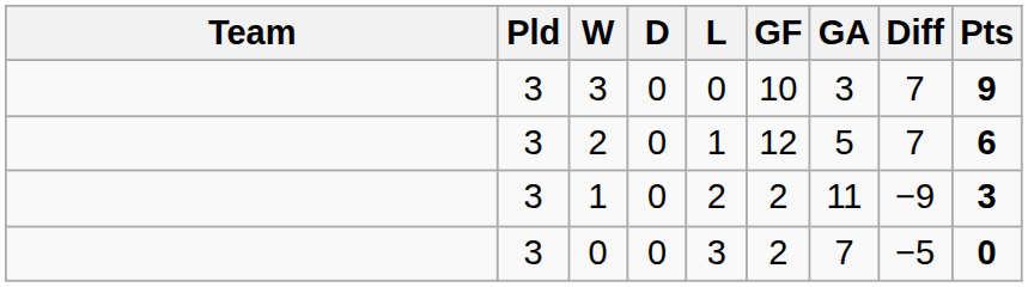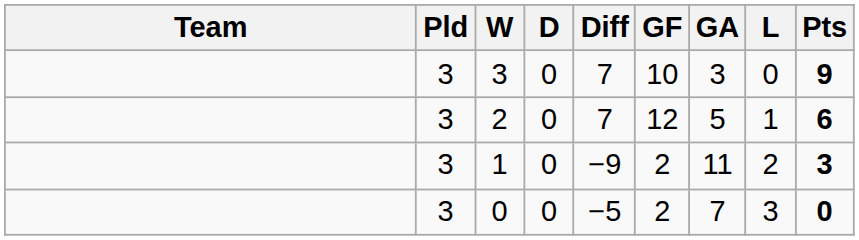 <table class="wikitable" style="text-align: center;">
 <tr>
 <th width=220>Team</th>
 <th width=20>Pld</th>
 <th width=20>W</th>
 <th width=20>D</th>
-<th width=20>L</th>
+<th width=20>Diff</th>
 <th width=20>GF</th>
 <th width=20>GA</th>
-<th width=20>Diff</th>
+<th width=20>L</th>
 <th width=20>Pts</th>
 </tr>
 <tr>
 <td align="left"></td>
 <td>3</td>
 <td>3</td>
 <td>0</td>
-<td>0</td>
+<td>7</td>
 <td>10</td>
 <td>3</td>
-<td>7</td>
+<td>0</td>
 <td><strong>9</strong></td>
 </tr>
 <tr>
 <td align="left"></td>
 <td>3</td>
 <td>2</td>
 <td>0</td>
-<td>1</td>
+<td>7</td>
 <td>12</td>
 <td>5</td>
-<td>7</td>
+<td>1</td>
 <td><strong>6</strong></td>
 </tr>
 <tr>
 <td align="left"></td>
 <td>3</td>
 <td>1</td>
 <td>0</td>
-<td>2</td>
+<td>−9</td>
 <td>2</td>
 <td>11</td>
-<td>−9</td>
+<td>2</td>
 <td><strong>3</strong></td>
 </tr>
 <tr>
 <td align="left"></td>
 <td>3</td>
 <td>0</td>
 <td>0</td>
-<td>3</td>
+<td>−5</td>
 <td>2</td>
 <td>7</td>
-<td>−5</td>
+<td>3</td>
 <td><strong>0</strong></td>
 </tr>
 </table>
